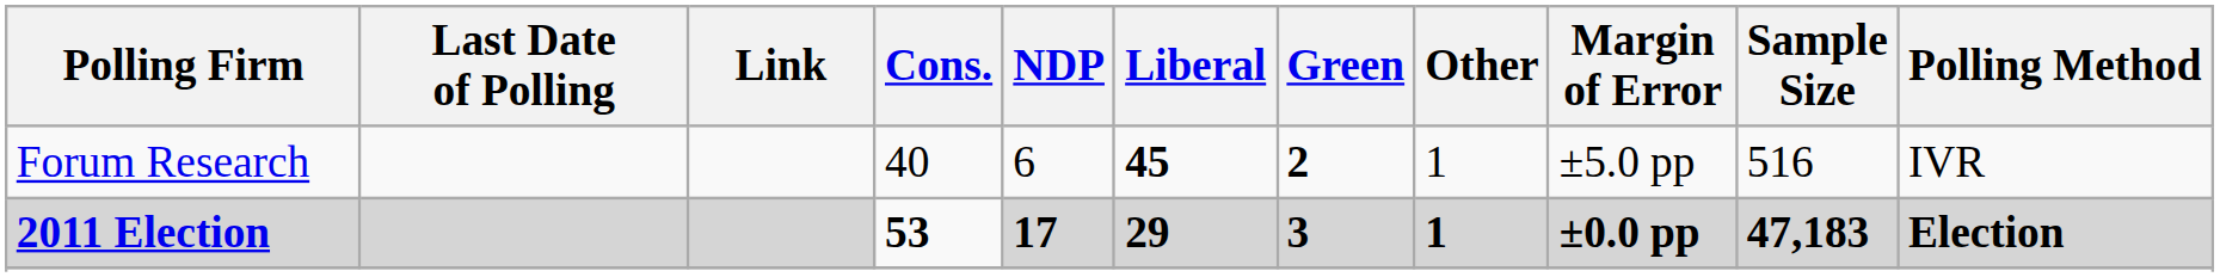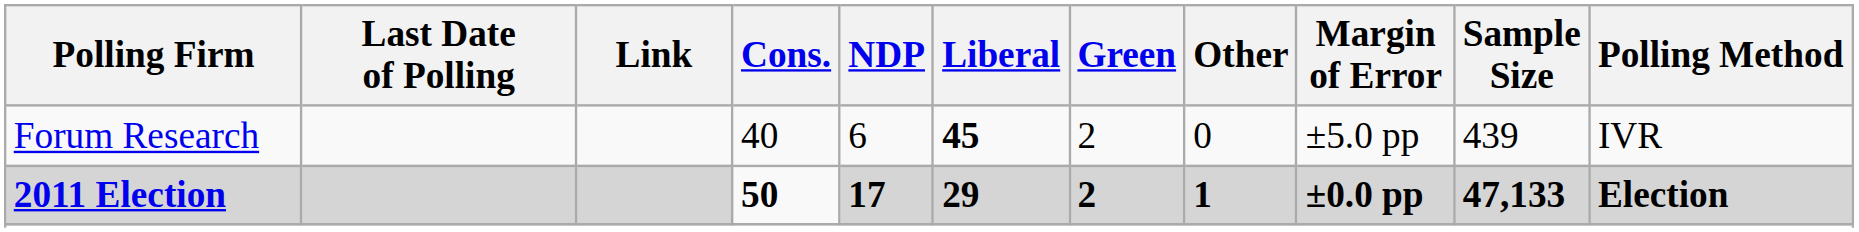 <table class="wikitable sortable">
 <tr style="background:#e9e9e9;">
 <th style="width:120px">Polling Firm</th>
 <th style="width:110px">Last Date<br>of Polling</th>
 <th style="width:60px" class="unsortable">Link</th>
 <th style="background-color:"><strong><a href='#'>Cons.</a></strong></th>
 <th style="background-color:"><strong><a href='#'>NDP</a></strong></th>
 <th style="background-color:"><strong><a href='#'>Liberal</a></strong></th>
 <th style="background-color:"><strong><a href='#'>Green</a></strong></th>
 <th style="background-color:"><strong>Other</strong></th>
 <th style="width:60px;" class=unsortable>Margin<br>of Error</th>
 <th style="width:50px;" class=unsortable>Sample<br>Size</th>
 <th class=unsortable>Polling Method</th>
 </tr>
 <tr>
 <td><a href='#'>Forum Research</a></td>
 <td></td>
 <td></td>
 <td>40</td>
 <td>6</td>
 <td><strong>45</strong></td>
-<td><strong>2</strong></td>
-<td>1</td>
+<td>2</td>
+<td>0</td>
 <td>±5.0 pp</td>
-<td>516</td>
+<td>439</td>
 <td>IVR</td>
 </tr>
 <tr>
 <td style="background:#D5D5D5"><strong><a href='#'>2011 Election</a></strong></td>
 <td style="background:#D5D5D5"><strong></strong></td>
 <td style="background:#D5D5D5"></td>
-<td><strong>53</strong></td>
+<td><strong>50</strong></td>
 <td style="background:#D5D5D5"><strong>17</strong></td>
 <td style="background:#D5D5D5"><strong>29</strong></td>
-<td style="background:#D5D5D5"><strong>3</strong></td>
+<td style="background:#D5D5D5"><strong>2</strong></td>
 <td style="background:#D5D5D5"><strong>1</strong></td>
 <td style="background:#D5D5D5"><strong>±0.0 pp</strong></td>
-<td style="background:#D5D5D5"><strong>47,183</strong></td>
+<td style="background:#D5D5D5"><strong>47,133</strong></td>
 <td style="background:#D5D5D5"><strong>Election</strong></td>
 </tr>
 <tr>
 </tr>
 <tr>
 </tr>
 </table>
